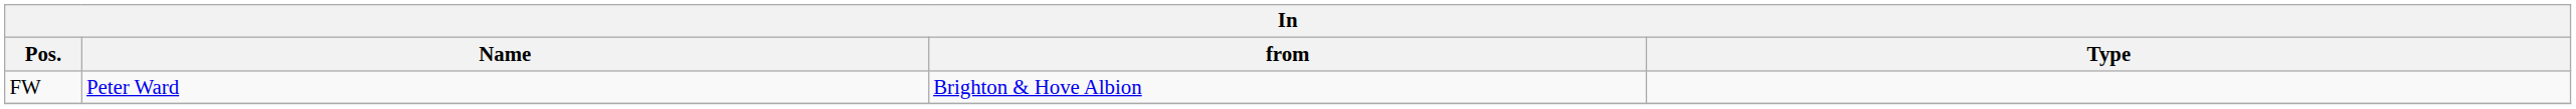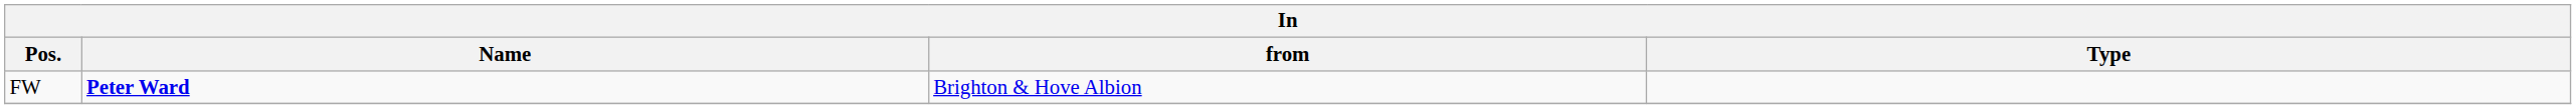 <table class="wikitable" style="font-size:100%;width:99%;">
 <tr>
 <th colspan="4">In</th>
 </tr>
 <tr>
 <th width=3%>Pos.</th>
 <th width=33%>Name</th>
 <th width=28%>from</th>
 <th width=36%>Type</th>
 </tr>
 <tr>
 <td>FW</td>
-<td><a href='#'>Peter Ward</a></td>
+<td><strong><a href='#'>Peter Ward</a></strong></td>
 <td><a href='#'>Brighton & Hove Albion</a></td>
 <td></td>
 </tr>
 <tr>
 </tr>
 </table>
